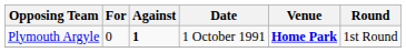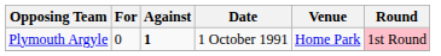 <table class="wikitable">
 <tr>
 <th>Opposing Team</th>
 <th>For</th>
 <th>Against</th>
 <th>Date</th>
 <th>Venue</th>
 <th>Round</th>
 </tr>
 <tr>
 <td><a href='#'>Plymouth Argyle</a></td>
 <td>0</td>
 <td><strong>1</strong></td>
 <td>1 October 1991</td>
-<td><strong><a href='#'>Home Park</a></strong></td>
-<td>1st Round</td>
+<td><a href='#'>Home Park</a></td>
+<td style="background: pink;">1st Round</td>
 </tr>
 <tr>
 </tr>
 </table>
